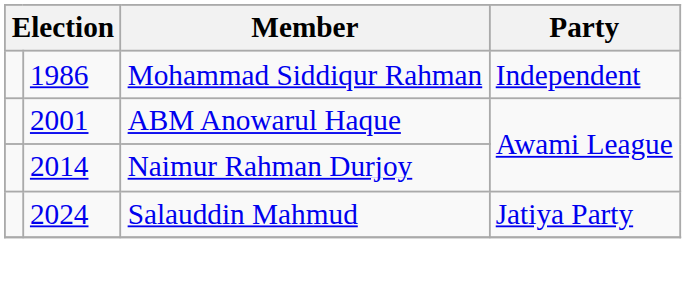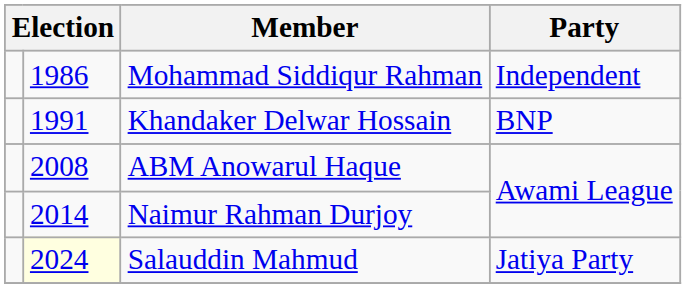 <table class="wikitable">
 <tr>
 <th colspan="2">Election</th>
 <th>Member</th>
 <th>Party</th>
 </tr>
 <tr>
 <td style="background-color:"></td>
 <td><a href='#'>1986</a></td>
 <td><a href='#'>Mohammad Siddiqur Rahman</a></td>
 <td><a href='#'>Independent</a></td>
 </tr>
 <tr>
 <td style="background-color:"></td>
-<td><a href='#'>2001</a></td>
+<td><a href='#'>1991</a></td>
+<td><a href='#'>Khandaker Delwar Hossain</a></td>
+<td><a href='#'>BNP</a></td>
+</tr>
+<tr>
+<td style="background-color:"></td>
+<td><a href='#'>2008</a></td>
 <td><a href='#'>ABM Anowarul Haque</a></td>
 <td rowspan="2"><a href='#'>Awami League</a></td>
 </tr>
 <tr>
 <td style="background-color:"></td>
 <td><a href='#'>2014</a></td>
 <td><a href='#'>Naimur Rahman Durjoy</a></td>
 </tr>
 <tr>
 <td style="background-color:"></td>
-<td><a href='#'>2024</a></td>
+<td style="background: lightyellow;"><a href='#'>2024</a></td>
 <td><a href='#'>Salauddin Mahmud</a></td>
 <td><a href='#'>Jatiya Party</a></td>
 </tr>
 <tr>
 </tr>
 </table>
